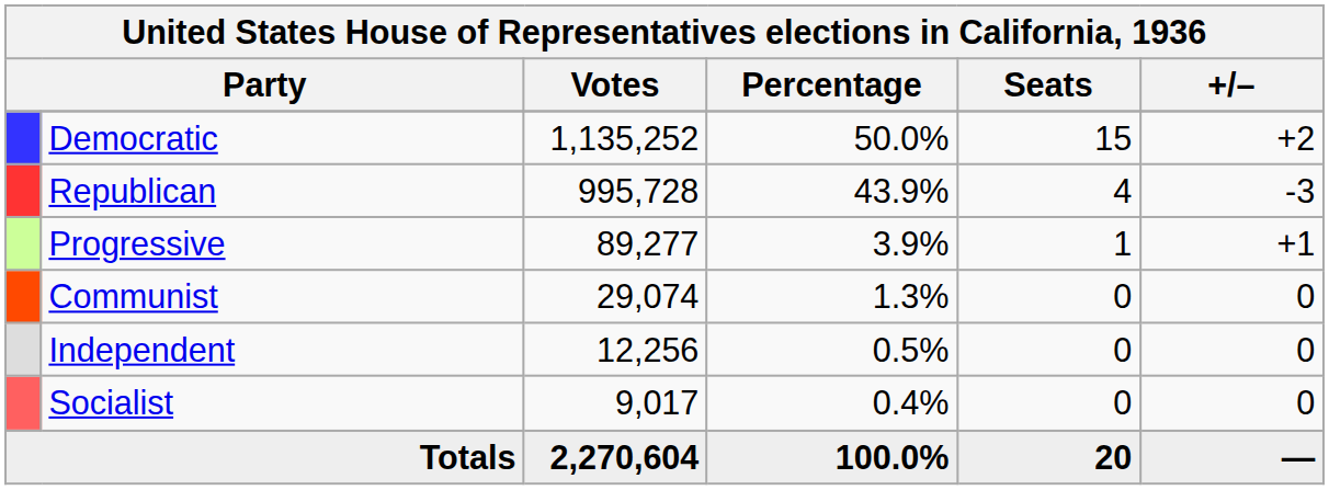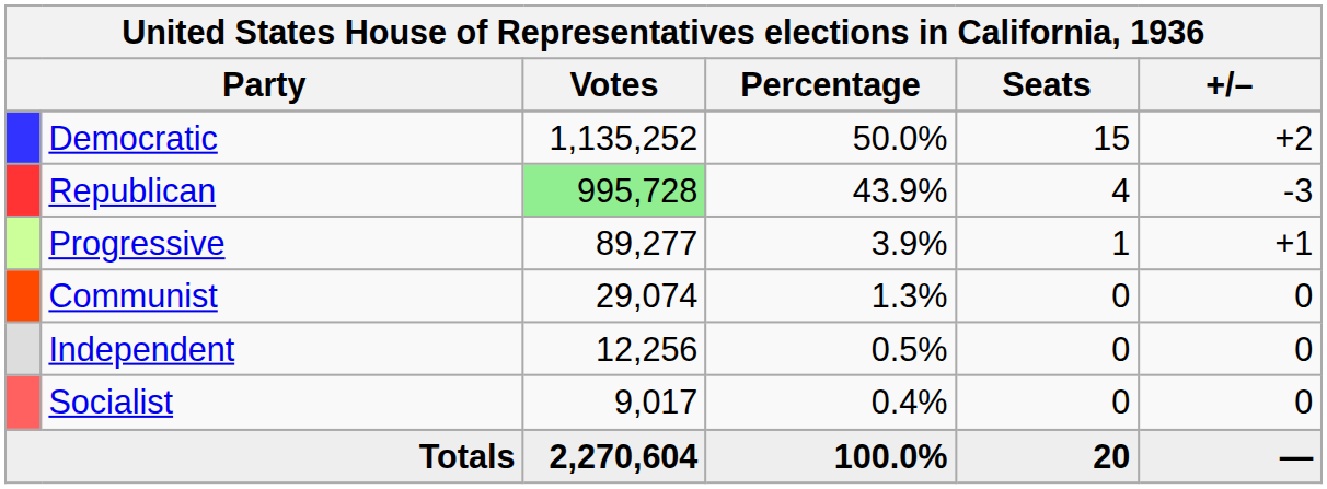 <table class="wikitable" style="font-size: 95%;">
 <tr>
 <th colspan="6">United States House of Representatives elections in California, 1936</th>
 </tr>
 <tr>
 <th colspan=2 style="width: 15em">Party</th>
 <th style="width: 5em">Votes</th>
 <th style="width: 7em">Percentage</th>
 <th style="width: 5em">Seats</th>
 <th style="width: 5em">+/–</th>
 </tr>
 <tr>
 </tr>
 <tr>
 <th style="background-color:#3333FF; width: 3px"></th>
 <td style="width: 130px"><a href='#'>Democratic</a></td>
 <td style="text-align:right;">1,135,252</td>
 <td style="text-align:right;">50.0%</td>
 <td style="text-align:right;">15</td>
 <td style="text-align:right;">+2</td>
 </tr>
 <tr>
 <th style="background-color:#FF3333; width: 3px"></th>
 <td style="width: 130px"><a href='#'>Republican</a></td>
-<td style="text-align:right;">995,728</td>
+<td style="background: lightgreen; text-align:right;">995,728</td>
 <td style="text-align:right;">43.9%</td>
 <td style="text-align:right;">4</td>
 <td style="text-align:right;">-3</td>
 </tr>
 <tr>
 <th style="background-color:#CCFF99; width: 3px"></th>
 <td style="width: 130px"><a href='#'>Progressive</a></td>
 <td style="text-align:right;">89,277</td>
 <td style="text-align:right;">3.9%</td>
 <td style="text-align:right;">1</td>
 <td style="text-align:right;">+1</td>
 </tr>
 <tr>
 <th style="background-color:#FF4900; width: 3px"></th>
 <td style="width: 130px"><a href='#'>Communist</a></td>
 <td style="text-align:right;">29,074</td>
 <td style="text-align:right;">1.3%</td>
 <td style="text-align:right;">0</td>
 <td style="text-align:right;">0</td>
 </tr>
 <tr>
 <th style="background-color:#DDDDDD; width: 3px"></th>
 <td style="width: 130px"><a href='#'>Independent</a></td>
 <td style="text-align:right;">12,256</td>
 <td style="text-align:right;">0.5%</td>
 <td style="text-align:right;">0</td>
 <td style="text-align:right;">0</td>
 </tr>
 <tr>
 <th style="background-color:#FF6060; width: 3px"></th>
 <td style="width: 130px"><a href='#'>Socialist</a></td>
 <td style="text-align:right;">9,017</td>
 <td style="text-align:right;">0.4%</td>
 <td style="text-align:right;">0</td>
 <td style="text-align:right;">0</td>
 </tr>
 <tr style="background-color:#EEEEEE;">
 <td colspan="2" align="right"><strong>Totals</strong></td>
 <td style="text-align:right;"><strong>2,270,604</strong></td>
 <td style="text-align:right;"><strong>100.0%</strong></td>
 <td style="text-align:right;"><strong>20</strong></td>
 <td style="text-align:right;"><strong>—</strong></td>
 </tr>
 </table>
